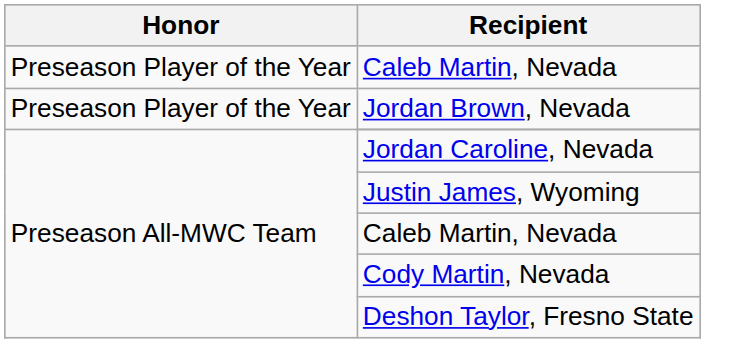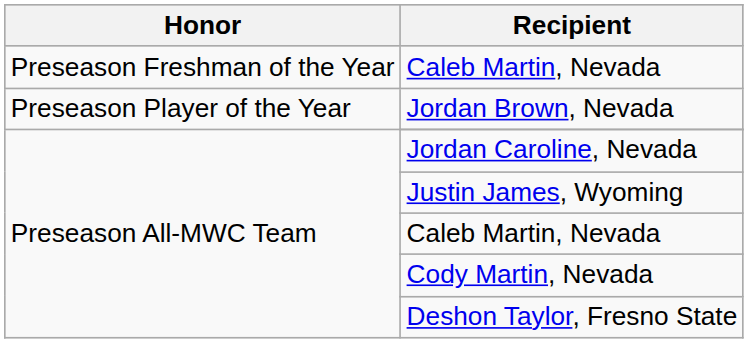 <table class="wikitable" border="1">
 <tr>
 <th>Honor</th>
 <th>Recipient</th>
 </tr>
 <tr>
-<td>Preseason Player of the Year</td>
+<td>Preseason Freshman of the Year</td>
 <td><a href='#'>Caleb Martin</a>, Nevada</td>
 </tr>
 <tr>
 <td>Preseason Player of the Year</td>
 <td><a href='#'>Jordan Brown</a>, Nevada</td>
 </tr>
 <tr>
 <td rowspan="6" valign="middle">Preseason All-MWC Team</td>
 </tr>
 <tr>
 <td><a href='#'>Jordan Caroline</a>, Nevada</td>
 </tr>
 <tr>
 <td><a href='#'>Justin James</a>, Wyoming</td>
 </tr>
 <tr>
 <td>Caleb Martin, Nevada</td>
 </tr>
 <tr>
 <td><a href='#'>Cody Martin</a>, Nevada</td>
 </tr>
 <tr>
 <td><a href='#'>Deshon Taylor</a>, Fresno State</td>
 </tr>
 </table>
